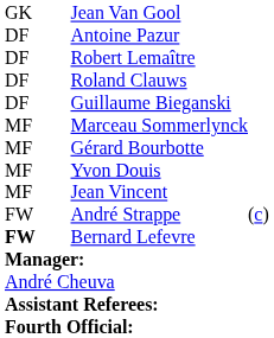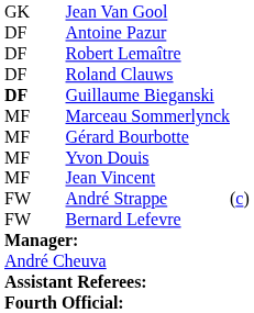 <table style=font-size:90% cellspacing=0 cellpadding=0>
 <tr>
 <td colspan=4></td>
 </tr>
 <tr>
 <th width=25></th>
 <th width=25></th>
 </tr>
 <tr>
 <td>GK</td>
 <td><strong> </strong></td>
 <td> <a href='#'>Jean Van Gool</a></td>
 </tr>
 <tr>
 <td>DF</td>
 <td><strong> </strong></td>
 <td> <a href='#'>Antoine Pazur</a></td>
 </tr>
 <tr>
 <td>DF</td>
 <td><strong> </strong></td>
 <td> <a href='#'>Robert Lemaître</a></td>
 </tr>
 <tr>
 <td>DF</td>
 <td><strong> </strong></td>
 <td> <a href='#'>Roland Clauws</a></td>
 </tr>
 <tr>
-<td>DF</td>
+<td><strong>DF</strong></td>
 <td><strong> </strong></td>
 <td> <a href='#'>Guillaume Bieganski</a></td>
 </tr>
 <tr>
 <td>MF</td>
 <td><strong> </strong></td>
 <td> <a href='#'>Marceau Sommerlynck</a></td>
 </tr>
 <tr>
 <td>MF</td>
 <td><strong> </strong></td>
 <td> <a href='#'>Gérard Bourbotte</a></td>
 </tr>
 <tr>
 <td>MF</td>
 <td><strong> </strong></td>
 <td> <a href='#'>Yvon Douis</a></td>
 </tr>
 <tr>
 <td>MF</td>
 <td><strong> </strong></td>
 <td> <a href='#'>Jean Vincent</a></td>
 </tr>
 <tr>
 <td>FW</td>
 <td><strong> </strong></td>
 <td> <a href='#'>André Strappe</a></td>
 <td>(<a href='#'>c</a>)</td>
 </tr>
 <tr>
-<td><strong>FW</strong></td>
+<td>FW</td>
 <td><strong> </strong></td>
 <td> <a href='#'>Bernard Lefevre</a></td>
 </tr>
 <tr>
 <td colspan=3><strong>Manager:</strong></td>
 </tr>
 <tr>
 <td colspan=4> <a href='#'>André Cheuva</a><br><strong>Assistant Referees:</strong><br> <strong>Fourth Official:</strong><br></td>
 </tr>
 </table>
